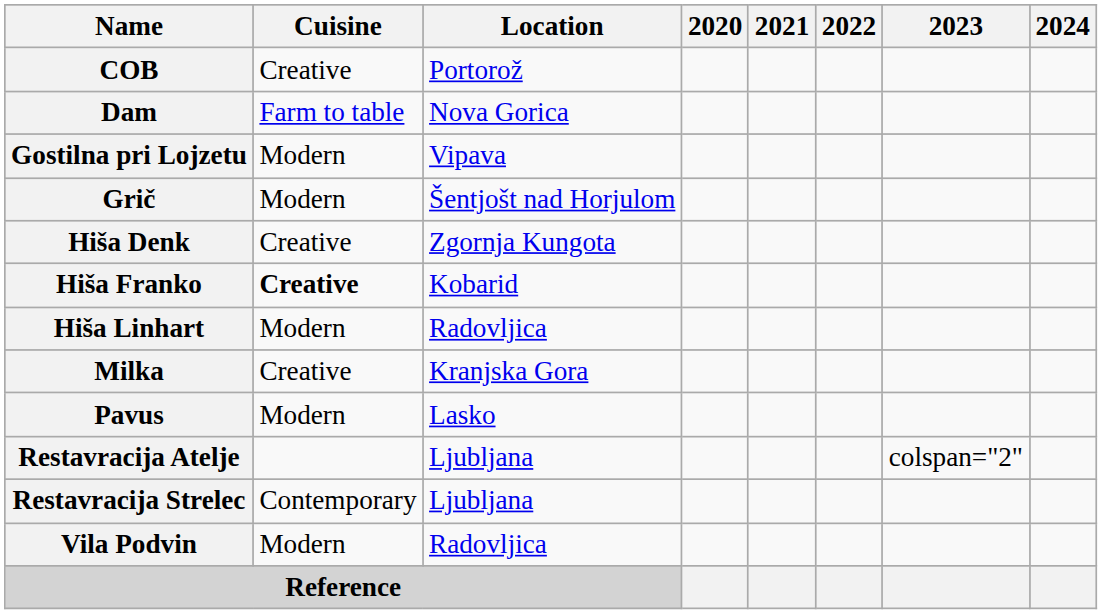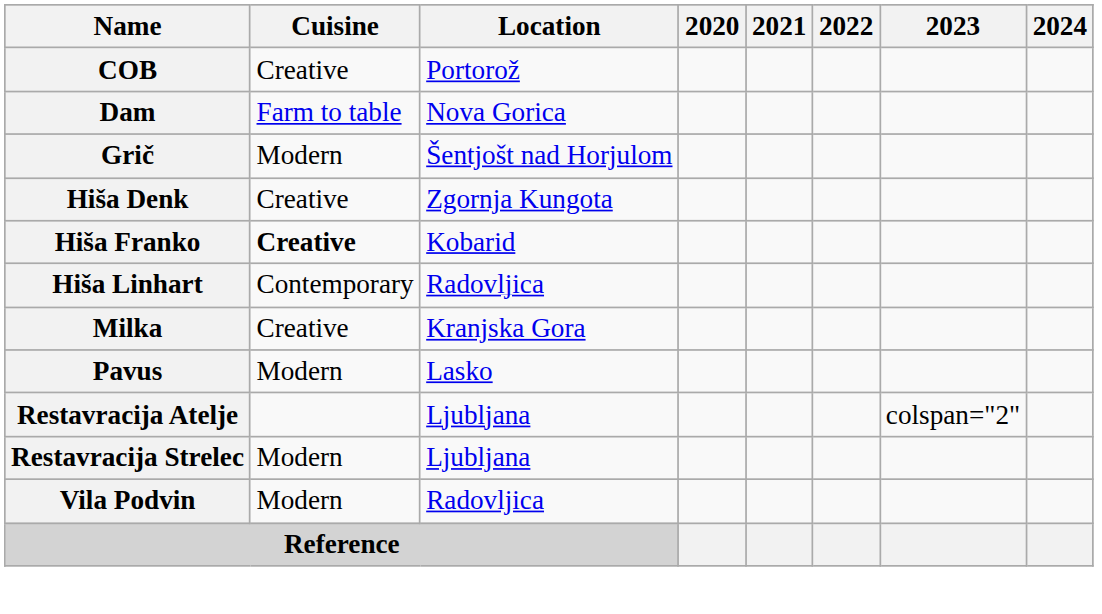 <table class="wikitable sortable plainrowheaders" style="text-align:left;"">
 <tr>
 <th scope="col">Name</th>
 <th scope="col">Cuisine</th>
 <th scope="col">Location</th>
 <th scope="col">2020</th>
 <th scope="col">2021</th>
 <th scope="col">2022</th>
 <th scope="col">2023</th>
 <th scope="col">2024</th>
 </tr>
 <tr>
 <th scope="row">COB</th>
 <td>Creative</td>
 <td><a href='#'>Portorož</a></td>
 <td></td>
 <td></td>
 <td></td>
 <td></td>
 <td></td>
 </tr>
 <tr>
 <th scope="row">Dam</th>
 <td><a href='#'>Farm to table</a></td>
 <td><a href='#'>Nova Gorica</a></td>
-<td></td>
-<td></td>
-<td></td>
-<td></td>
-<td></td>
-</tr>
-<tr>
-<th scope="row">Gostilna pri Lojzetu</th>
-<td>Modern</td>
-<td><a href='#'>Vipava</a></td>
 <td></td>
 <td></td>
 <td></td>
 <td></td>
 <td></td>
 </tr>
 <tr>
 <th scope="row">Grič</th>
 <td>Modern</td>
 <td><a href='#'>Šentjošt nad Horjulom</a></td>
 <td></td>
 <td></td>
 <td></td>
 <td></td>
 <td></td>
 </tr>
 <tr>
 <th scope="row">Hiša Denk</th>
 <td>Creative</td>
 <td><a href='#'>Zgornja Kungota</a></td>
 <td></td>
 <td></td>
 <td></td>
 <td></td>
 <td></td>
 </tr>
 <tr>
 <th scope="row">Hiša Franko</th>
 <td><strong>Creative</strong></td>
 <td><a href='#'>Kobarid</a></td>
 <td></td>
 <td></td>
 <td></td>
 <td></td>
 <td></td>
 </tr>
 <tr>
 <th scope="row">Hiša Linhart</th>
-<td>Modern</td>
+<td>Contemporary</td>
 <td><a href='#'>Radovljica</a></td>
 <td></td>
 <td></td>
 <td></td>
 <td></td>
 <td></td>
 </tr>
 <tr>
 <th scope="row">Milka</th>
 <td>Creative</td>
 <td><a href='#'>Kranjska Gora</a></td>
 <td></td>
 <td></td>
 <td></td>
 <td></td>
 <td></td>
 </tr>
 <tr>
 <th scope="row">Pavus</th>
 <td>Modern</td>
 <td><a href='#'>Lasko</a></td>
 <td></td>
 <td></td>
 <td></td>
 <td></td>
 <td></td>
 </tr>
 <tr>
 <th scope="row">Restavracija Atelje</th>
 <td></td>
 <td><a href='#'>Ljubljana</a></td>
 <td></td>
 <td></td>
 <td></td>
 <td>colspan="2" </td>
 </tr>
 <tr>
 <th scope="row">Restavracija Strelec</th>
-<td>Contemporary</td>
+<td>Modern</td>
 <td><a href='#'>Ljubljana</a></td>
 <td></td>
 <td></td>
 <td></td>
 <td></td>
 <td></td>
 </tr>
 <tr>
 <th scope="row">Vila Podvin</th>
 <td>Modern</td>
 <td><a href='#'>Radovljica</a></td>
 <td></td>
 <td></td>
 <td></td>
 <td></td>
 <td></td>
 </tr>
 <tr>
 <th colspan="3" style="text-align: center;background: lightgray;">Reference</th>
 <th></th>
 <th></th>
 <th></th>
 <th></th>
 <th></th>
 </tr>
 </table>
